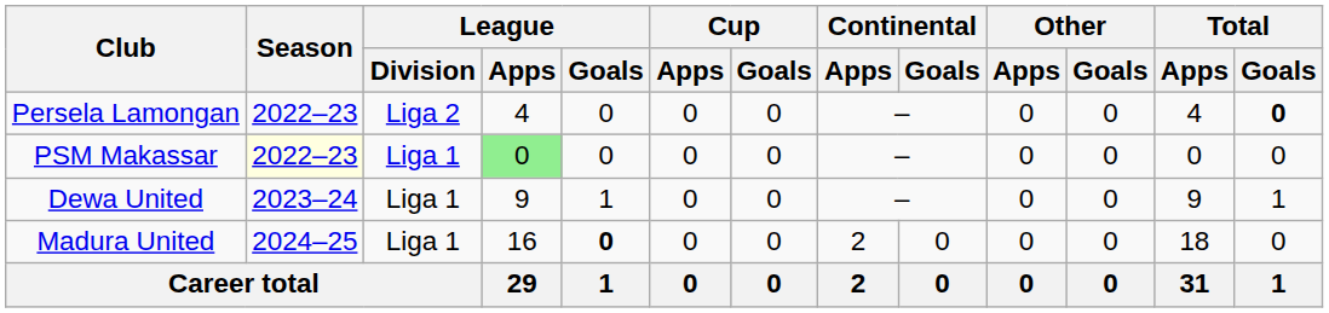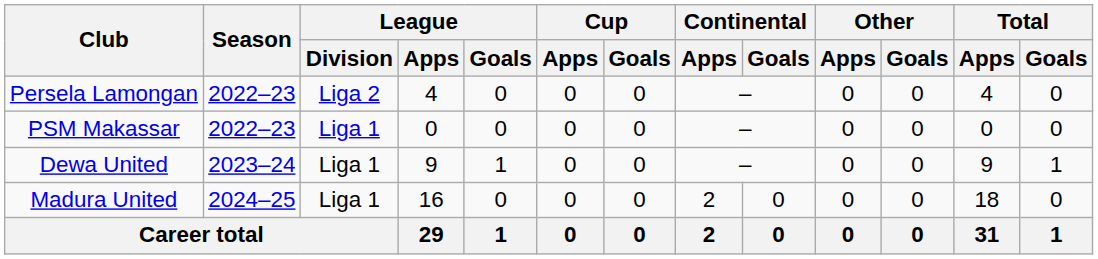 <table class="wikitable" style="text-align: center">
 <tr>
 <th rowspan="2">Club</th>
 <th rowspan="2">Season</th>
 <th colspan="3">League</th>
 <th colspan="2">Cup</th>
 <th colspan="2">Continental</th>
 <th colspan="2">Other</th>
 <th colspan="3">Total</th>
 </tr>
 <tr>
 <th>Division</th>
 <th>Apps</th>
 <th>Goals</th>
 <th>Apps</th>
 <th>Goals</th>
 <th>Apps</th>
 <th>Goals</th>
 <th>Apps</th>
 <th>Goals</th>
 <th>Apps</th>
 <th>Goals</th>
 </tr>
 <tr>
 <td rowspan="1"><a href='#'>Persela Lamongan</a></td>
 <td><a href='#'>2022–23</a></td>
 <td rowspan="1" valign="center"><a href='#'>Liga 2</a></td>
 <td>4</td>
 <td>0</td>
 <td>0</td>
 <td>0</td>
 <td colspan="2">–</td>
 <td>0</td>
 <td>0</td>
 <td>4</td>
-<td><strong>0</strong></td>
+<td>0</td>
 </tr>
 <tr>
 <td rowspan="1"><a href='#'>PSM Makassar</a></td>
-<td style="background: lightyellow;"><a href='#'>2022–23</a></td>
+<td><a href='#'>2022–23</a></td>
 <td rowspan="1" valign="center"><a href='#'>Liga 1</a></td>
-<td style="background: lightgreen;">0</td>
+<td>0</td>
 <td>0</td>
 <td>0</td>
 <td>0</td>
 <td colspan="2">–</td>
 <td>0</td>
 <td>0</td>
 <td>0</td>
 <td>0</td>
 </tr>
 <tr>
 <td rowspan="1"><a href='#'>Dewa United</a></td>
 <td><a href='#'>2023–24</a></td>
 <td rowspan="1" valign="center">Liga 1</td>
 <td>9</td>
 <td>1</td>
 <td>0</td>
 <td>0</td>
 <td colspan="2">–</td>
 <td>0</td>
 <td>0</td>
 <td>9</td>
 <td>1</td>
 </tr>
 <tr>
 <td rowspan="1"><a href='#'>Madura United</a></td>
 <td><a href='#'>2024–25</a></td>
 <td rowspan="1" valign="center">Liga 1</td>
 <td>16</td>
-<td><strong>0</strong></td>
+<td>0</td>
 <td>0</td>
 <td>0</td>
 <td>2</td>
 <td>0</td>
 <td>0</td>
 <td>0</td>
 <td>18</td>
 <td>0</td>
 </tr>
 <tr>
 <th colspan="3">Career total</th>
 <th>29</th>
 <th>1</th>
 <th>0</th>
 <th>0</th>
 <th>2</th>
 <th>0</th>
 <th>0</th>
 <th>0</th>
 <th>31</th>
 <th>1</th>
 </tr>
 </table>
